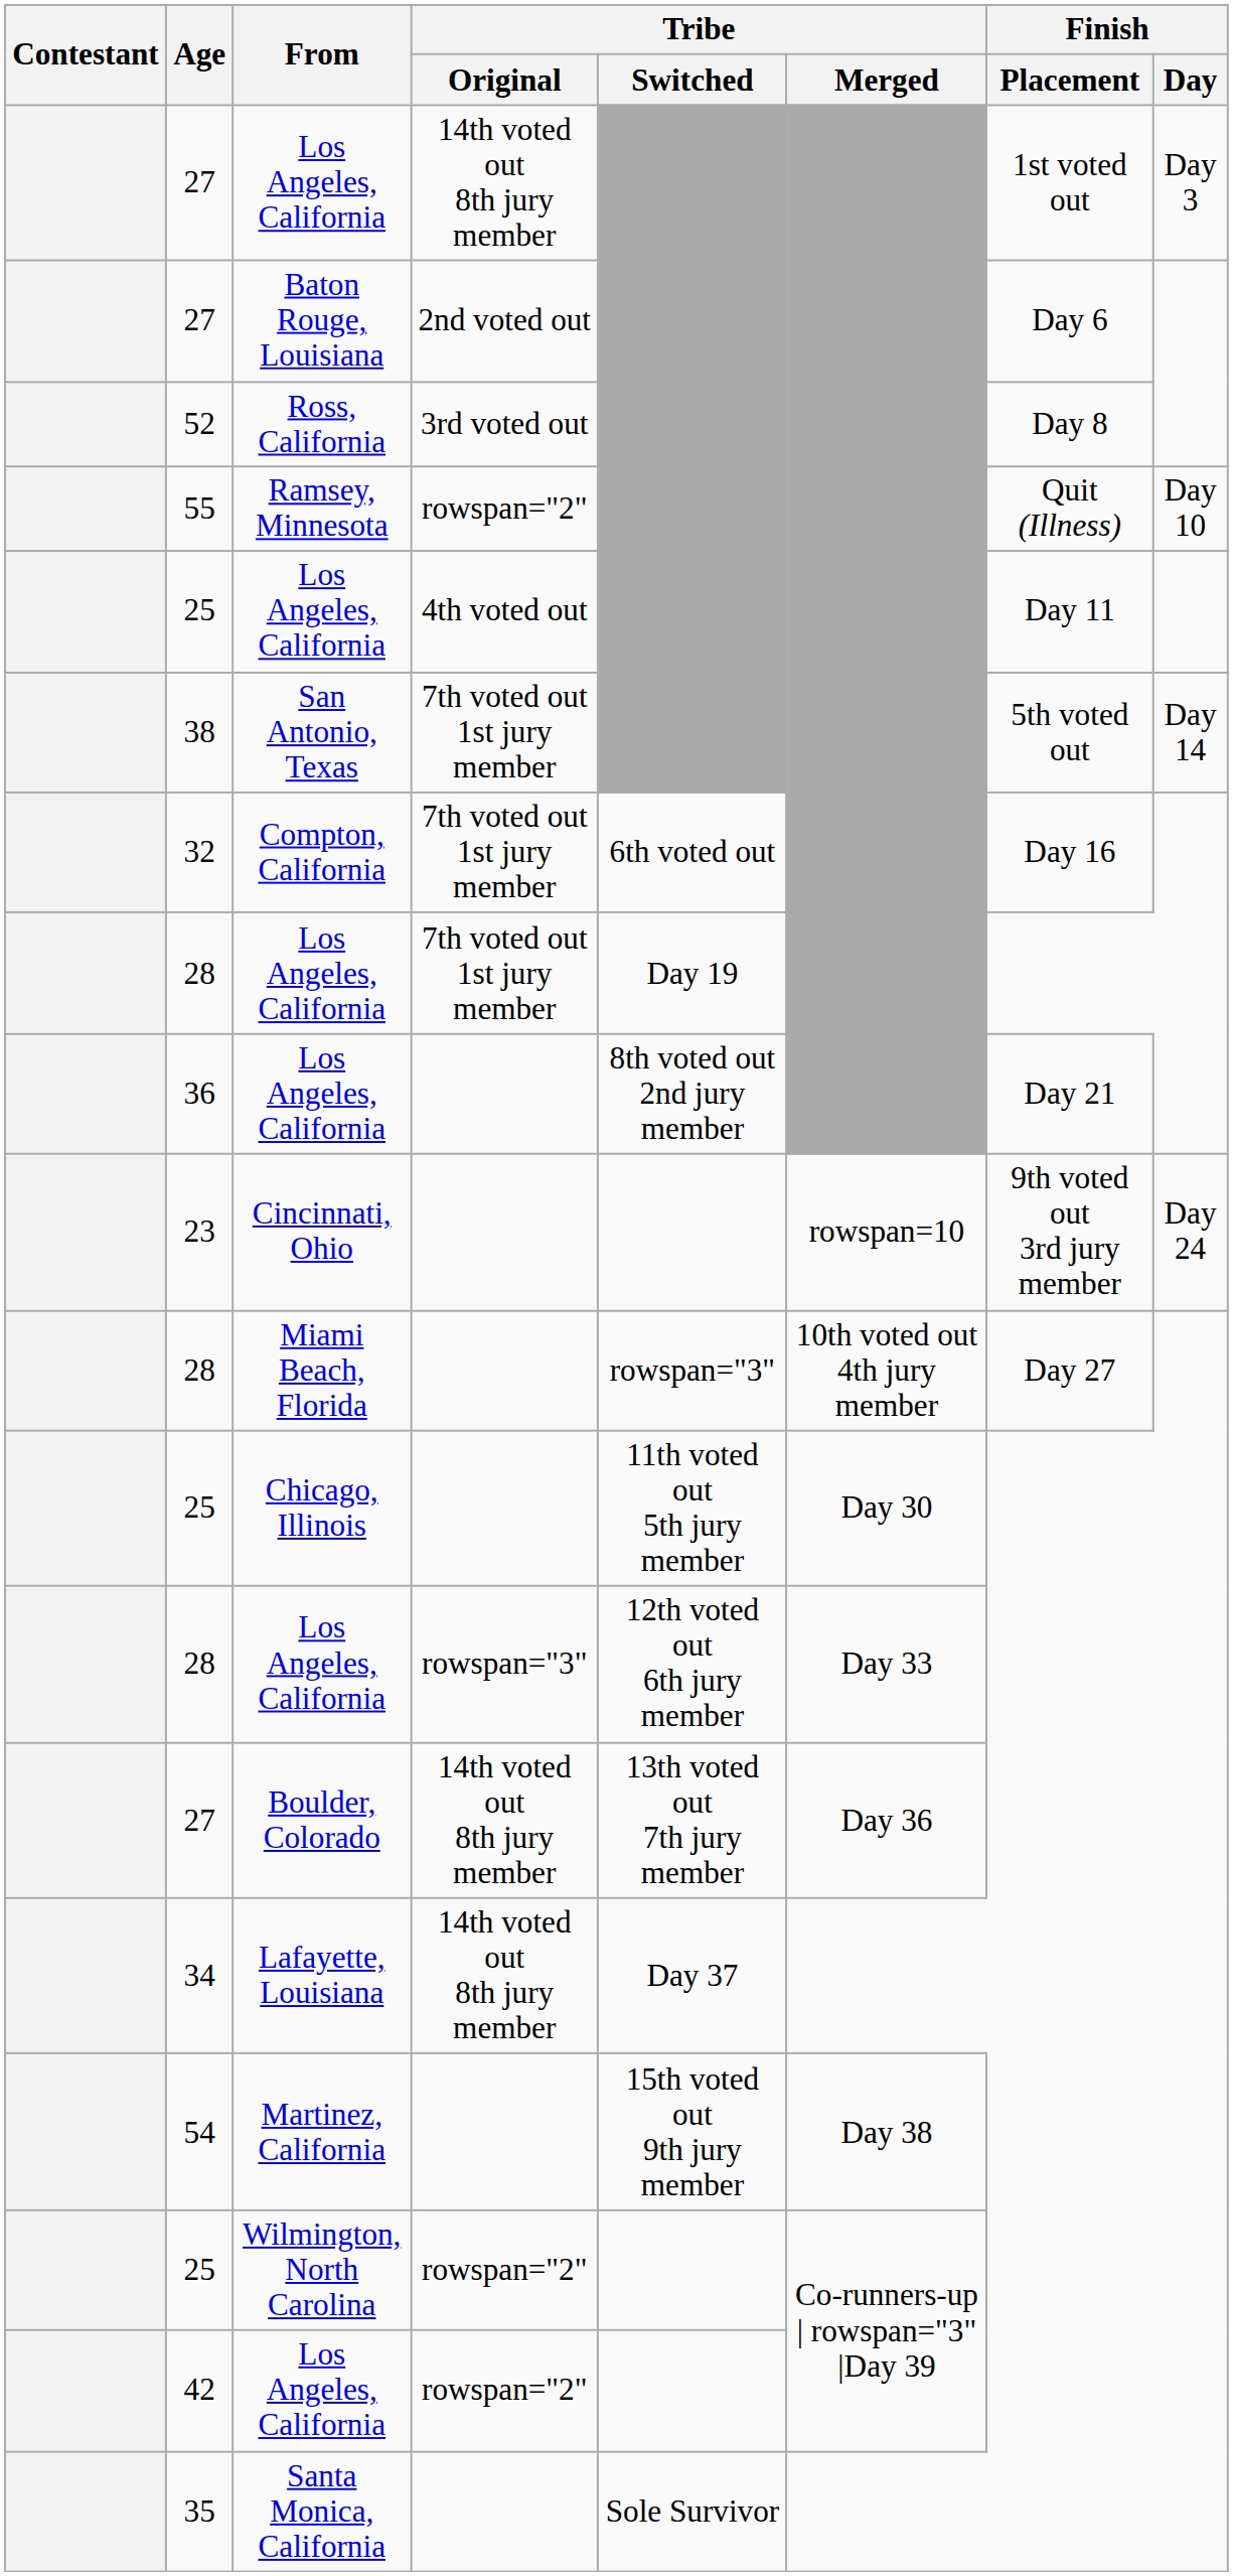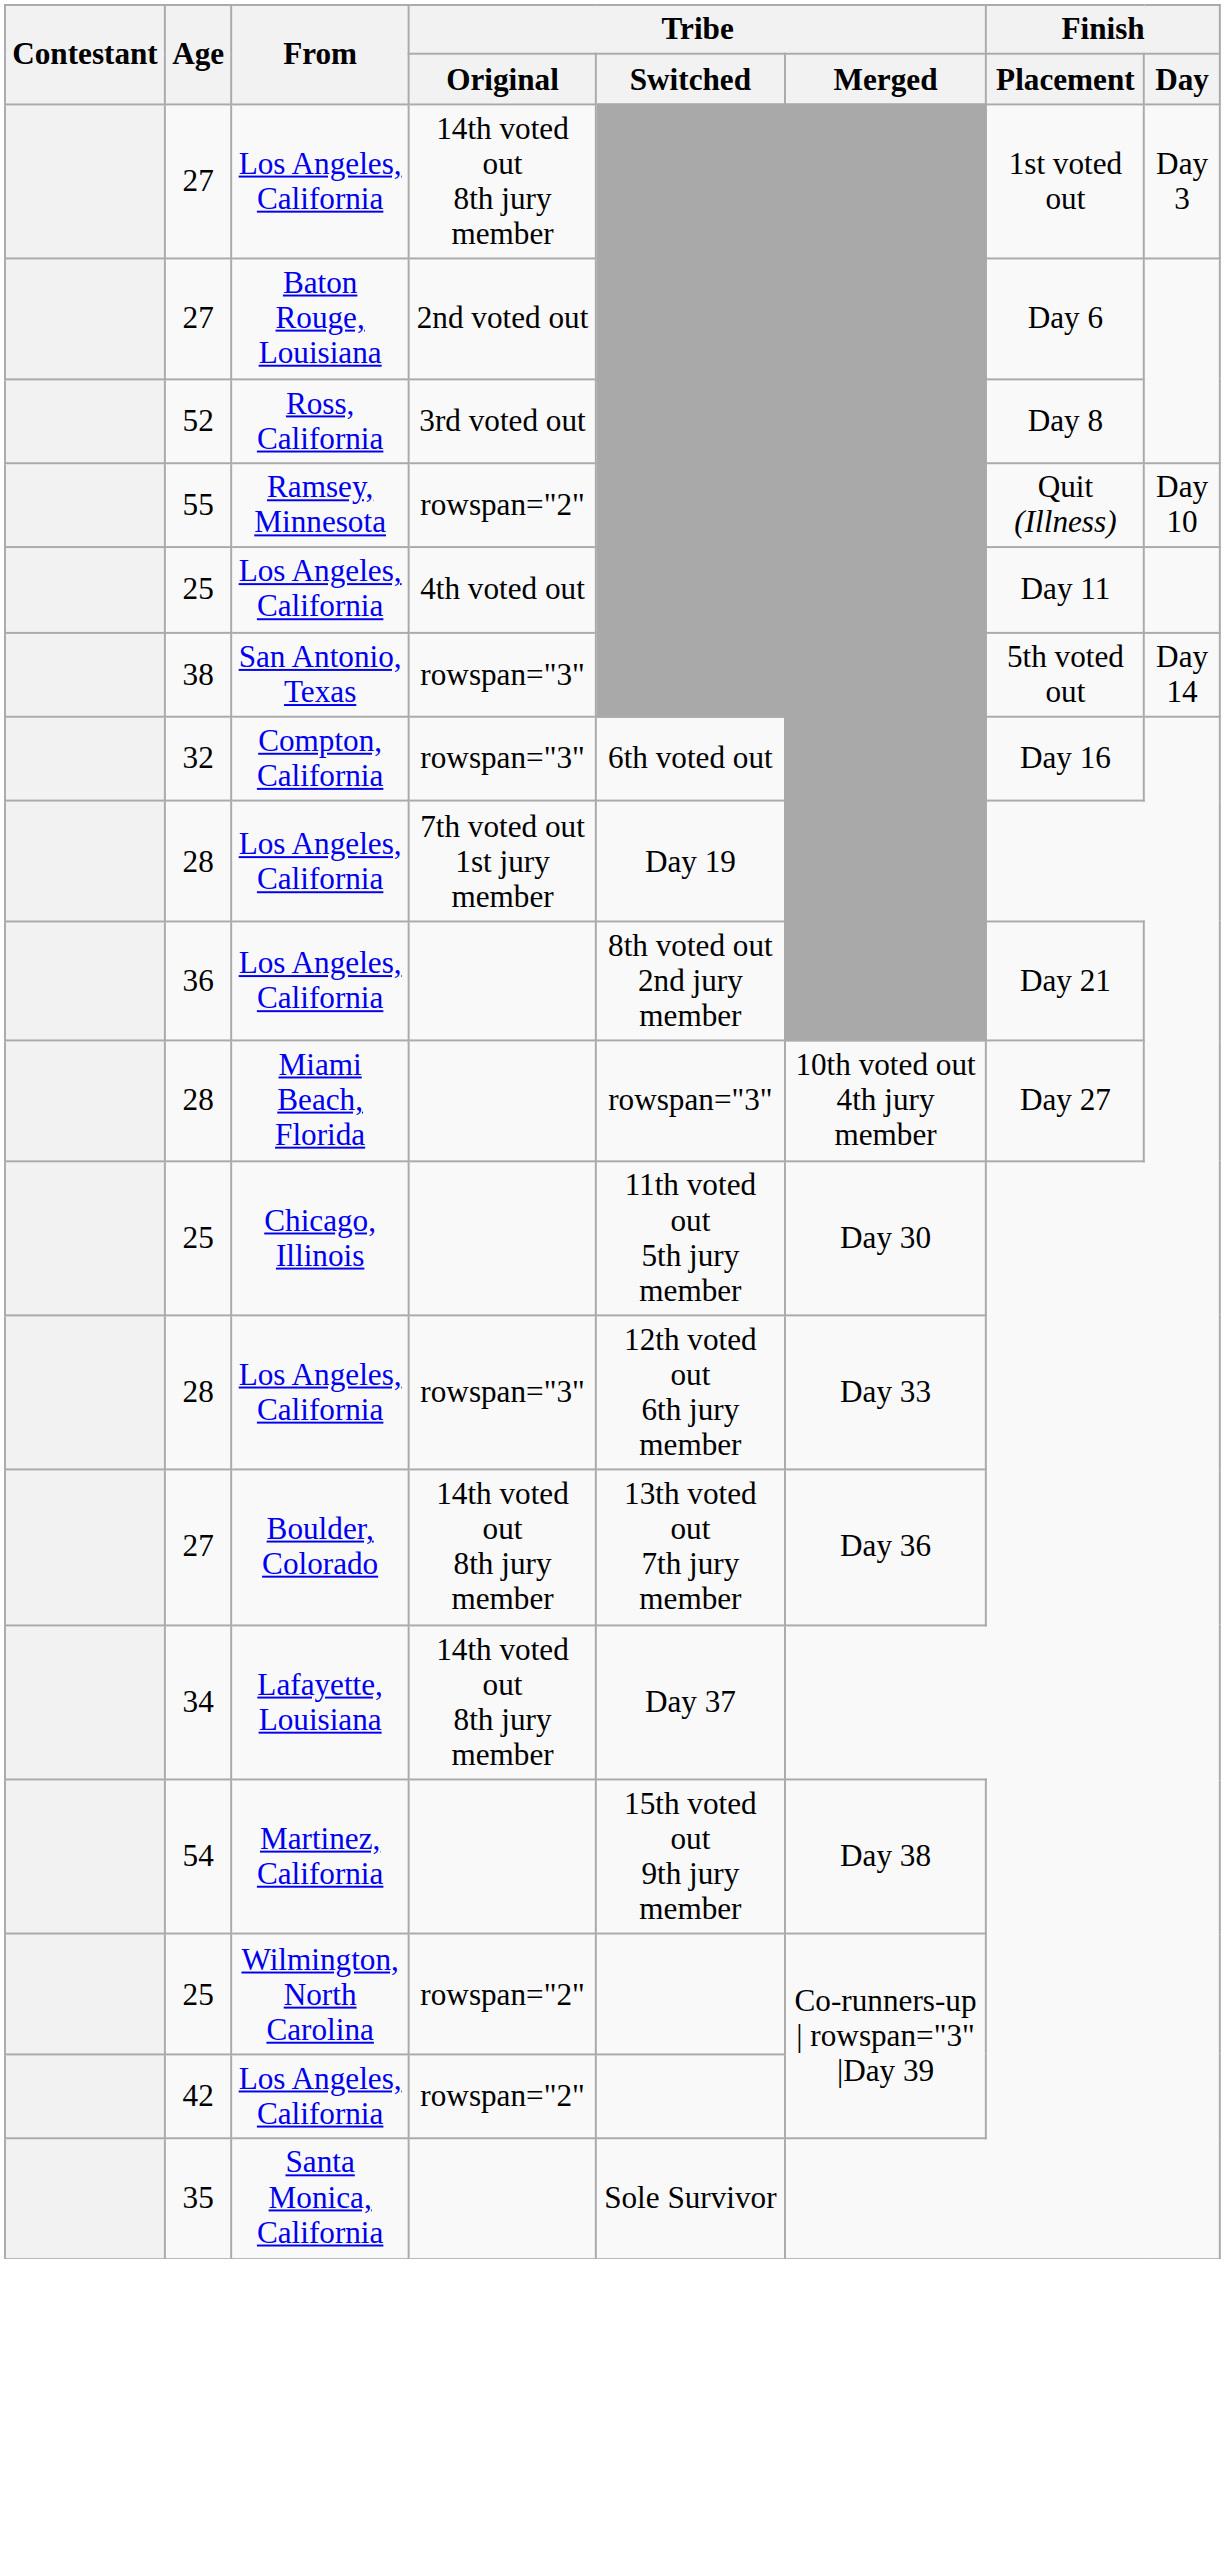 <table class="wikitable sortable" style="margin:auto; text-align:center">
 <tr>
 <th rowspan="2" scope="col">Contestant</th>
 <th rowspan="2" scope="col">Age</th>
 <th rowspan="2" scope="col" class=unsortable>From</th>
 <th colspan="3" scope="colgroup">Tribe</th>
 <th colspan="2" scope="colgroup">Finish</th>
 </tr>
 <tr>
 <th scope="col">Original</th>
 <th scope="col">Switched</th>
 <th scope="col" class=unsortable>Merged</th>
 <th scope="col" class=unsortable>Placement</th>
 <th scope="col" class=unsortable>Day</th>
 </tr>
 <tr>
 <th scope="row" style=text-align:left></th>
 <td>27</td>
 <td><a href='#'>Los Angeles,<br>California</a></td>
 <td>14th voted out<br>8th jury member</td>
 <td rowspan="6" style="background:darkgrey;"></td>
 <td rowspan="9" style="background:darkgrey;"></td>
 <td>1st voted out</td>
 <td>Day 3</td>
 </tr>
 <tr>
 <th scope="row" style=text-align:left></th>
 <td>27</td>
 <td><a href='#'>Baton Rouge,<br>Louisiana</a></td>
 <td>2nd voted out</td>
 <td>Day 6</td>
 </tr>
 <tr>
 <th scope="row" style=text-align:left></th>
 <td>52</td>
 <td><a href='#'>Ross,<br>California</a></td>
 <td>3rd voted out</td>
 <td>Day 8</td>
 </tr>
 <tr>
 <th scope="row" style=text-align:left></th>
 <td>55</td>
 <td><a href='#'>Ramsey,<br>Minnesota</a></td>
 <td>rowspan="2" </td>
 <td>Quit<br><em>(Illness)</em></td>
 <td>Day 10</td>
 </tr>
 <tr>
 <th scope="row" style=text-align:left></th>
 <td>25</td>
 <td><a href='#'>Los Angeles,<br>California</a></td>
 <td>4th voted out</td>
 <td>Day 11</td>
 </tr>
 <tr>
 <th scope="row" style=text-align:left></th>
 <td>38</td>
 <td><a href='#'>San Antonio,<br>Texas</a></td>
-<td>7th voted out<br>1st jury member</td>
+<td>rowspan="3" </td>
 <td>5th voted out</td>
 <td>Day 14</td>
 </tr>
 <tr>
 <th scope="row" style=text-align:left></th>
 <td>32</td>
 <td><a href='#'>Compton,<br>California</a></td>
-<td>7th voted out<br>1st jury member</td>
+<td>rowspan="3" </td>
 <td>6th voted out</td>
 <td>Day 16</td>
 </tr>
 <tr>
 <th scope="row" style=text-align:left></th>
 <td>28</td>
 <td><a href='#'>Los Angeles,<br>California</a></td>
 <td>7th voted out<br>1st jury member</td>
 <td>Day 19</td>
 </tr>
 <tr>
 <th scope="row" style=text-align:left></th>
 <td>36</td>
 <td><a href='#'>Los Angeles,<br>California</a></td>
 <td></td>
 <td>8th voted out<br>2nd jury member</td>
 <td>Day 21</td>
-</tr>
-<tr>
-<th scope="row" style=text-align:left></th>
-<td>23</td>
-<td><a href='#'>Cincinnati,<br>Ohio</a></td>
-<td></td>
-<td></td>
-<td>rowspan=10 </td>
-<td>9th voted out<br>3rd jury member</td>
-<td>Day 24</td>
 </tr>
 <tr>
 <th scope="row" style=text-align:left></th>
 <td>28</td>
 <td><a href='#'>Miami Beach,<br>Florida</a></td>
 <td></td>
 <td>rowspan="3" </td>
 <td>10th voted out<br>4th jury member</td>
 <td>Day 27</td>
 </tr>
 <tr>
 <th scope="row" style=text-align:left></th>
 <td>25</td>
 <td><a href='#'>Chicago,<br>Illinois</a></td>
 <td></td>
 <td>11th voted out<br>5th jury member</td>
 <td>Day 30</td>
 </tr>
 <tr>
 <th scope="row" style=text-align:left></th>
 <td>28</td>
 <td><a href='#'>Los Angeles,<br>California</a></td>
 <td>rowspan="3" </td>
 <td>12th voted out<br>6th jury member</td>
 <td>Day 33</td>
 </tr>
 <tr>
 <th scope="row" style=text-align:left></th>
 <td>27</td>
 <td><a href='#'>Boulder,<br>Colorado</a></td>
 <td>14th voted out<br>8th jury member</td>
 <td>13th voted out<br>7th jury member</td>
 <td>Day 36</td>
 </tr>
 <tr>
 <th scope="row" style=text-align:left></th>
 <td>34</td>
 <td><a href='#'>Lafayette,<br>Louisiana</a></td>
 <td>14th voted out<br>8th jury member</td>
 <td>Day 37</td>
 </tr>
 <tr>
 <th scope="row" style=text-align:left></th>
 <td>54</td>
 <td><a href='#'>Martinez,<br>California</a></td>
 <td></td>
 <td>15th voted out<br>9th jury member</td>
 <td>Day 38</td>
 </tr>
 <tr>
 <th scope="row" style=text-align:left></th>
 <td>25</td>
 <td><a href='#'>Wilmington,<br>North Carolina</a></td>
 <td>rowspan="2" </td>
 <td></td>
 <td rowspan="2">Co-runners-up<br>| rowspan="3" |Day 39</td>
 </tr>
 <tr>
 <th scope="row" style=text-align:left></th>
 <td>42</td>
 <td><a href='#'>Los Angeles,<br>California</a></td>
 <td>rowspan="2" </td>
 </tr>
 <tr>
 <th scope="row" style=text-align:left></th>
 <td>35</td>
 <td><a href='#'>Santa Monica,<br>California</a></td>
 <td></td>
 <td>Sole Survivor</td>
 </tr>
 </table>
